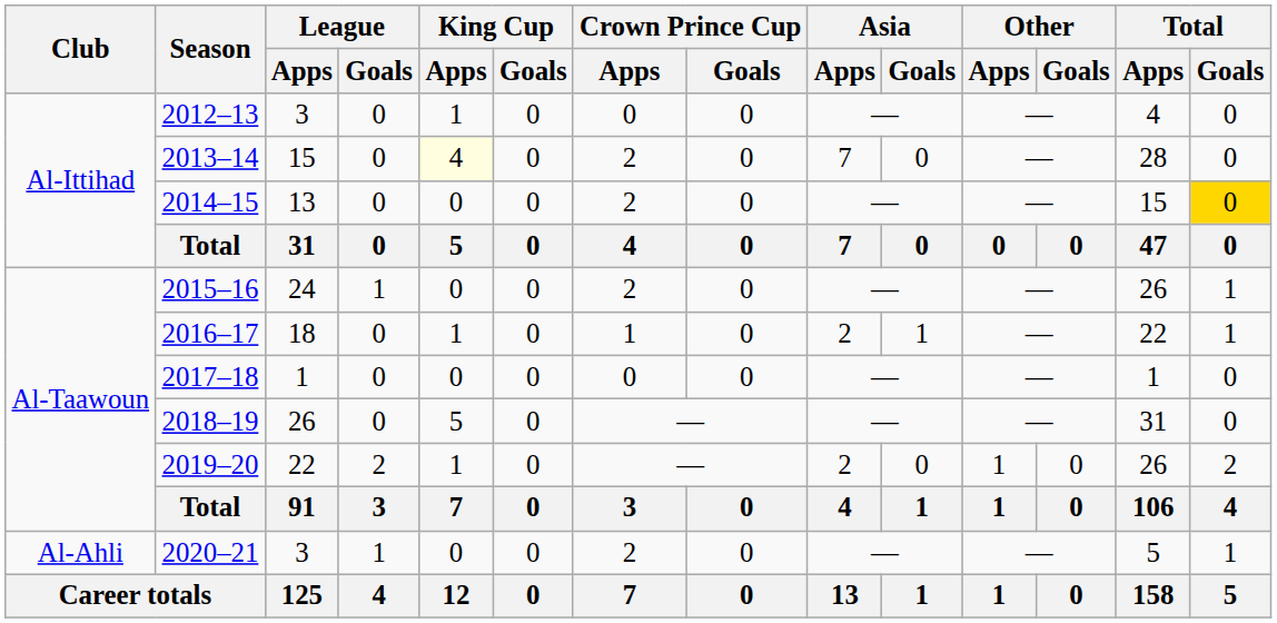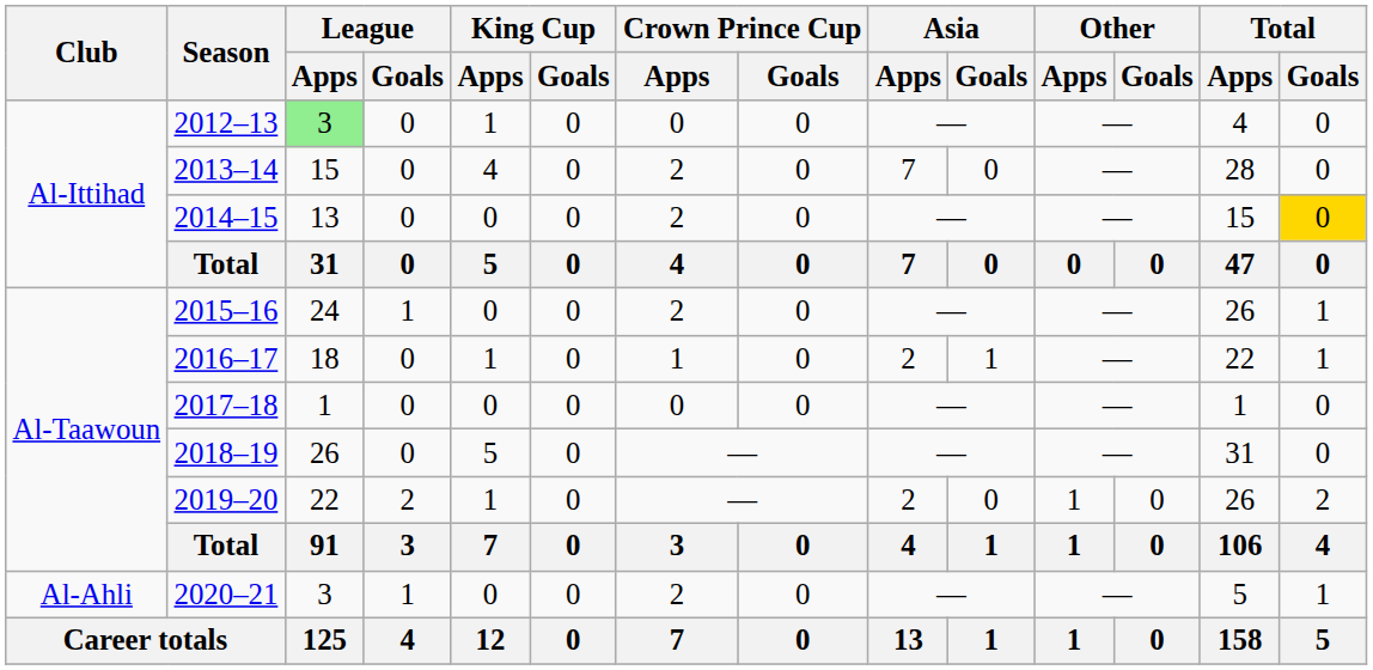 <table class="wikitable" style="text-align: center">
 <tr>
 <th rowspan=2>Club</th>
 <th rowspan=2>Season</th>
 <th colspan=2>League</th>
 <th colspan=2>King Cup</th>
 <th colspan=2>Crown Prince Cup</th>
 <th colspan=2>Asia</th>
 <th colspan=2>Other</th>
 <th colspan=2>Total</th>
 </tr>
 <tr>
 <th>Apps</th>
 <th>Goals</th>
 <th>Apps</th>
 <th>Goals</th>
 <th>Apps</th>
 <th>Goals</th>
 <th>Apps</th>
 <th>Goals</th>
 <th>Apps</th>
 <th>Goals</th>
 <th>Apps</th>
 <th>Goals</th>
 </tr>
 <tr>
 <td rowspan=4><a href='#'>Al-Ittihad</a></td>
 <td><a href='#'>2012–13</a></td>
-<td>3</td>
+<td style="background: lightgreen;">3</td>
 <td>0</td>
 <td>1</td>
 <td>0</td>
 <td>0</td>
 <td>0</td>
 <td colspan=2>—</td>
 <td colspan=2>—</td>
 <td>4</td>
 <td>0</td>
 </tr>
 <tr>
 <td><a href='#'>2013–14</a></td>
 <td>15</td>
 <td>0</td>
-<td style="background: lightyellow;">4</td>
+<td>4</td>
 <td>0</td>
 <td>2</td>
 <td>0</td>
 <td>7</td>
 <td>0</td>
 <td colspan=2>—</td>
 <td>28</td>
 <td>0</td>
 </tr>
 <tr>
 <td><a href='#'>2014–15</a></td>
 <td>13</td>
 <td>0</td>
 <td>0</td>
 <td>0</td>
 <td>2</td>
 <td>0</td>
 <td colspan=2>—</td>
 <td colspan=2>—</td>
 <td>15</td>
 <td style="background: gold;">0</td>
 </tr>
 <tr>
 <th>Total</th>
 <th>31</th>
 <th>0</th>
 <th>5</th>
 <th>0</th>
 <th>4</th>
 <th>0</th>
 <th>7</th>
 <th>0</th>
 <th>0</th>
 <th>0</th>
 <th>47</th>
 <th>0</th>
 </tr>
 <tr>
 <td rowspan=6><a href='#'>Al-Taawoun</a></td>
 <td><a href='#'>2015–16</a></td>
 <td>24</td>
 <td>1</td>
 <td>0</td>
 <td>0</td>
 <td>2</td>
 <td>0</td>
 <td colspan=2>—</td>
 <td colspan=2>—</td>
 <td>26</td>
 <td>1</td>
 </tr>
 <tr>
 <td><a href='#'>2016–17</a></td>
 <td>18</td>
 <td>0</td>
 <td>1</td>
 <td>0</td>
 <td>1</td>
 <td>0</td>
 <td>2</td>
 <td>1</td>
 <td colspan=2>—</td>
 <td>22</td>
 <td>1</td>
 </tr>
 <tr>
 <td><a href='#'>2017–18</a></td>
 <td>1</td>
 <td>0</td>
 <td>0</td>
 <td>0</td>
 <td>0</td>
 <td>0</td>
 <td colspan=2>—</td>
 <td colspan=2>—</td>
 <td>1</td>
 <td>0</td>
 </tr>
 <tr>
 <td><a href='#'>2018–19</a></td>
 <td>26</td>
 <td>0</td>
 <td>5</td>
 <td>0</td>
 <td colspan=2>—</td>
 <td colspan=2>—</td>
 <td colspan=2>—</td>
 <td>31</td>
 <td>0</td>
 </tr>
 <tr>
 <td><a href='#'>2019–20</a></td>
 <td>22</td>
 <td>2</td>
 <td>1</td>
 <td>0</td>
 <td colspan=2>—</td>
 <td>2</td>
 <td>0</td>
 <td>1</td>
 <td>0</td>
 <td>26</td>
 <td>2</td>
 </tr>
 <tr>
 <th>Total</th>
 <th>91</th>
 <th>3</th>
 <th>7</th>
 <th>0</th>
 <th>3</th>
 <th>0</th>
 <th>4</th>
 <th>1</th>
 <th>1</th>
 <th>0</th>
 <th>106</th>
 <th>4</th>
 </tr>
 <tr>
 <td rowspan=1><a href='#'>Al-Ahli</a></td>
 <td><a href='#'>2020–21</a></td>
 <td>3</td>
 <td>1</td>
 <td>0</td>
 <td>0</td>
 <td>2</td>
 <td>0</td>
 <td colspan=2>—</td>
 <td colspan=2>—</td>
 <td>5</td>
 <td>1</td>
 </tr>
 <tr>
 <th colspan=2>Career totals</th>
 <th>125</th>
 <th>4</th>
 <th>12</th>
 <th>0</th>
 <th>7</th>
 <th>0</th>
 <th>13</th>
 <th>1</th>
 <th>1</th>
 <th>0</th>
 <th>158</th>
 <th>5</th>
 </tr>
 </table>
